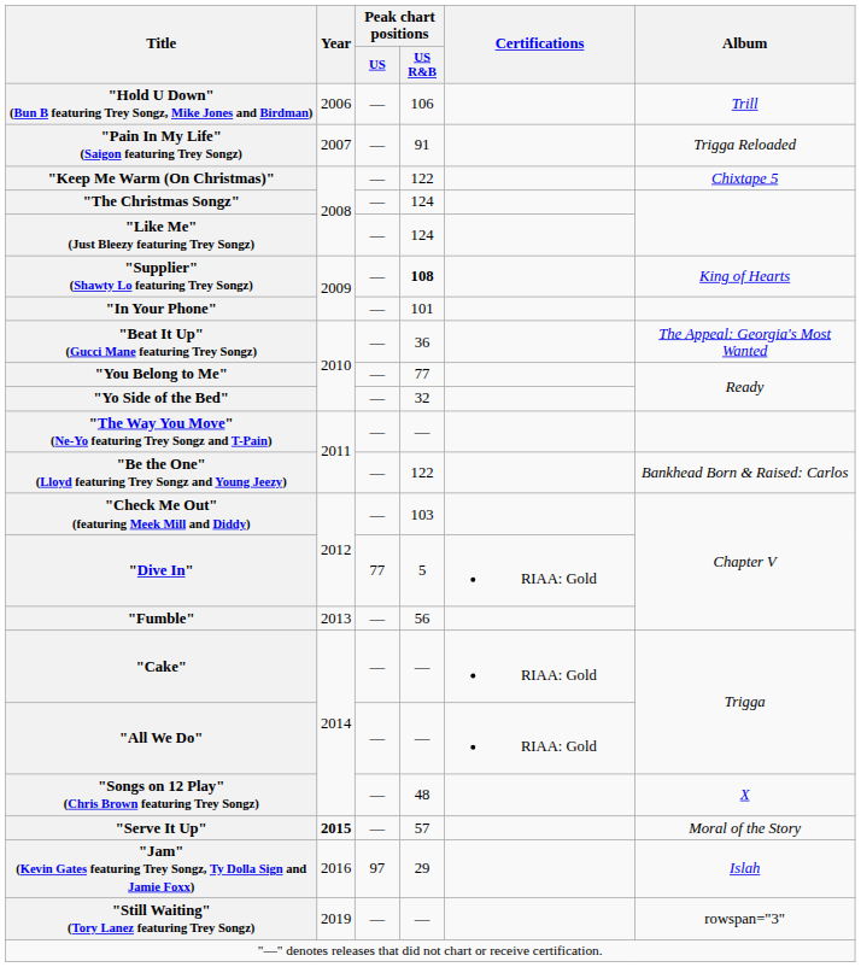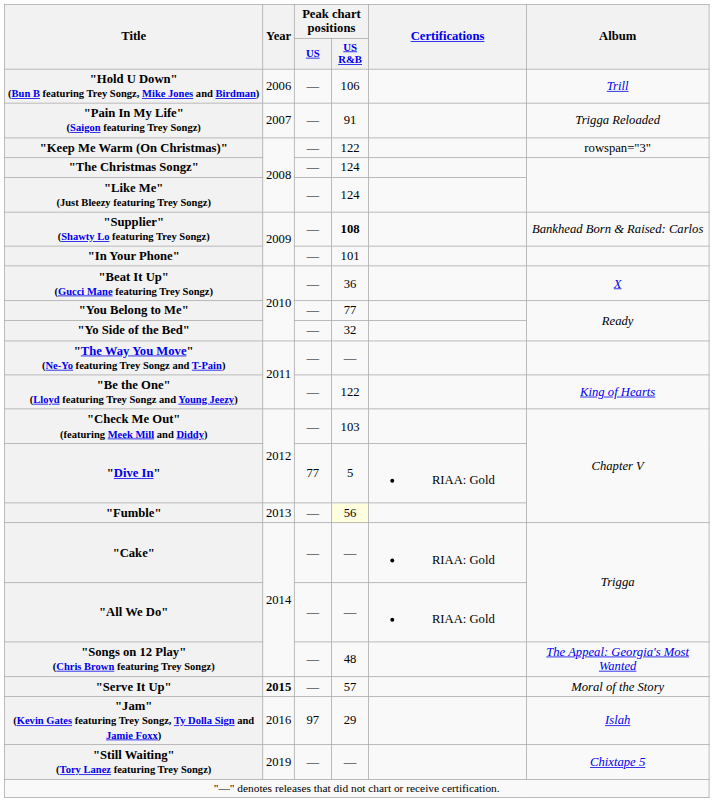 <table class="wikitable plainrowheaders" style="text-align:center;" border="1">
 <tr>
 <th scope="col" rowspan="2" style="width:20em;">Title</th>
 <th scope="col" rowspan="2" style="width:2em;">Year</th>
 <th colspan="2" scope="col">Peak chart positions</th>
 <th scope="col" rowspan="2" style="width:12em;"><a href='#'>Certifications</a></th>
 <th scope="col" rowspan="2" style="width:14em;">Album</th>
 </tr>
 <tr>
 <th style="width:3em; font-size:85%"><a href='#'>US</a><br></th>
 <th style="width:3em; font-size:85%"><a href='#'>US<br>R&B</a><br></th>
 </tr>
 <tr>
 <th scope="row">"Hold U Down"<br><small>(<a href='#'>Bun B</a> featuring Trey Songz, <a href='#'>Mike Jones</a> and <a href='#'>Birdman</a>)</small></th>
 <td>2006</td>
 <td>—</td>
 <td>106</td>
 <td></td>
 <td><em><a href='#'>Trill</a></em></td>
 </tr>
 <tr>
 <th scope="row">"Pain In My Life"<br><small>(<a href='#'>Saigon</a> featuring Trey Songz)</small></th>
 <td>2007</td>
 <td>—</td>
 <td>91</td>
 <td></td>
 <td><em>Trigga Reloaded</em></td>
 </tr>
 <tr>
 <th scope="row">"Keep Me Warm (On Christmas)"</th>
 <td rowspan="3">2008</td>
 <td>—</td>
 <td>122</td>
 <td></td>
-<td><em><a href='#'>Chixtape 5</a></em></td>
+<td>rowspan="3" </td>
 </tr>
 <tr>
 <th scope="row">"The Christmas Songz"</th>
 <td>—</td>
 <td>124</td>
 <td></td>
 </tr>
 <tr>
 <th scope="row">"Like Me"<br><small>(Just Bleezy featuring Trey Songz)</small></th>
 <td>—</td>
 <td>124</td>
 <td></td>
 </tr>
 <tr>
 <th scope="row">"Supplier"<br><small>(<a href='#'>Shawty Lo</a> featuring Trey Songz)</small></th>
 <td rowspan="2">2009</td>
 <td>—</td>
 <td><strong>108</strong></td>
 <td></td>
-<td><em><a href='#'>King of Hearts</a></em></td>
+<td><em>Bankhead Born & Raised: Carlos</em></td>
 </tr>
 <tr>
 <th scope="row">"In Your Phone"</th>
 <td>—</td>
 <td>101</td>
 <td></td>
 <td></td>
 </tr>
 <tr>
 <th scope="row">"Beat It Up"<br><small>(<a href='#'>Gucci Mane</a> featuring Trey Songz)</small></th>
 <td rowspan="3">2010</td>
 <td>—</td>
 <td>36</td>
 <td></td>
-<td><em><a href='#'>The Appeal: Georgia's Most Wanted</a></em></td>
+<td><em><a href='#'>X</a></em></td>
 </tr>
 <tr>
 <th scope="row">"You Belong to Me"</th>
 <td>—</td>
 <td>77</td>
 <td></td>
 <td rowspan="2"><em>Ready</em></td>
 </tr>
 <tr>
 <th scope="row">"Yo Side of the Bed"</th>
 <td>—</td>
 <td>32</td>
 <td></td>
 </tr>
 <tr>
 <th scope="row">"<a href='#'>The Way You Move</a>"<br><small>(<a href='#'>Ne-Yo</a> featuring Trey Songz and <a href='#'>T-Pain</a>)</small></th>
 <td rowspan="2">2011</td>
 <td>—</td>
 <td>—</td>
 <td></td>
 <td></td>
 </tr>
 <tr>
 <th scope="row">"Be the One"<br><small>(<a href='#'>Lloyd</a> featuring Trey Songz and <a href='#'>Young Jeezy</a>)</small></th>
 <td>—</td>
 <td>122</td>
 <td></td>
-<td><em>Bankhead Born & Raised: Carlos</em></td>
+<td><em><a href='#'>King of Hearts</a></em></td>
 </tr>
 <tr>
 <th scope="row">"Check Me Out"<br><small>(featuring <a href='#'>Meek Mill</a> and <a href='#'>Diddy</a>)</small></th>
 <td rowspan="2">2012</td>
 <td>—</td>
 <td>103</td>
 <td></td>
 <td rowspan="3"><em>Chapter V </em></td>
 </tr>
 <tr>
 <th scope="row">"<a href='#'>Dive In</a>"</th>
 <td>77</td>
 <td>5</td>
 <td><br><ul><li>RIAA: Gold</li></ul></td>
 </tr>
 <tr>
 <th scope="row">"Fumble"</th>
 <td>2013</td>
 <td>—</td>
-<td>56</td>
+<td style="background: lightyellow;">56</td>
 <td></td>
 </tr>
 <tr>
 <th scope="row">"Cake"</th>
 <td rowspan="3">2014</td>
 <td>—</td>
 <td>—</td>
 <td><br><ul><li>RIAA: Gold</li></ul></td>
 <td rowspan="2"><em>Trigga</em></td>
 </tr>
 <tr>
 <th scope="row">"All We Do"</th>
 <td>—</td>
 <td>—</td>
 <td><br><ul><li>RIAA: Gold</li></ul></td>
 </tr>
 <tr>
 <th scope="row">"Songs on 12 Play"<br><small>(<a href='#'>Chris Brown</a> featuring Trey Songz)</small></th>
 <td>—</td>
 <td>48</td>
 <td></td>
-<td><em><a href='#'>X</a></em></td>
+<td><em><a href='#'>The Appeal: Georgia's Most Wanted</a></em></td>
 </tr>
 <tr>
 <th scope="row">"Serve It Up"</th>
 <td><strong>2015</strong></td>
 <td>—</td>
 <td>57</td>
 <td></td>
 <td><em>Moral of the Story</em></td>
 </tr>
 <tr>
 <th scope="row">"Jam"<br><small>(<a href='#'>Kevin Gates</a> featuring Trey Songz, <a href='#'>Ty Dolla Sign</a> and <a href='#'>Jamie Foxx</a>)</small></th>
 <td>2016</td>
 <td>97</td>
 <td>29</td>
 <td></td>
 <td><em><a href='#'>Islah</a></em></td>
 </tr>
 <tr>
 <th scope="row">"Still Waiting"<br><small>(<a href='#'>Tory Lanez</a> featuring Trey Songz)</small></th>
 <td>2019</td>
 <td>—</td>
 <td>—</td>
 <td></td>
-<td>rowspan="3" </td>
+<td><em><a href='#'>Chixtape 5</a></em></td>
 </tr>
 <tr>
 <td colspan="6" style="font-size:90%">"—" denotes releases that did not chart or receive certification.</td>
 </tr>
 </table>
